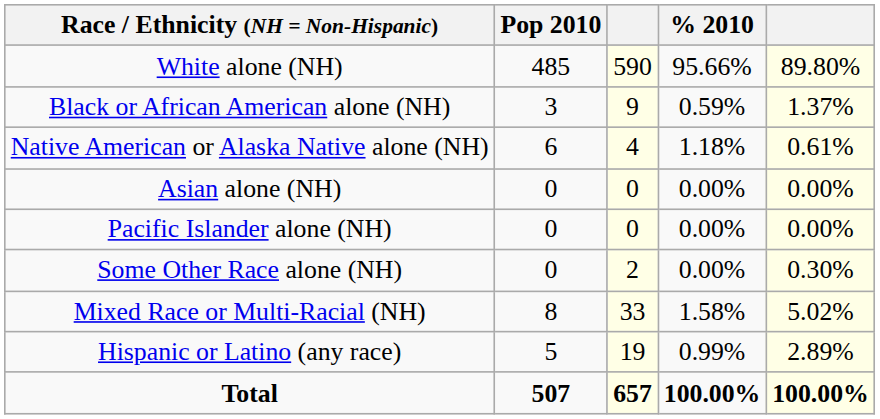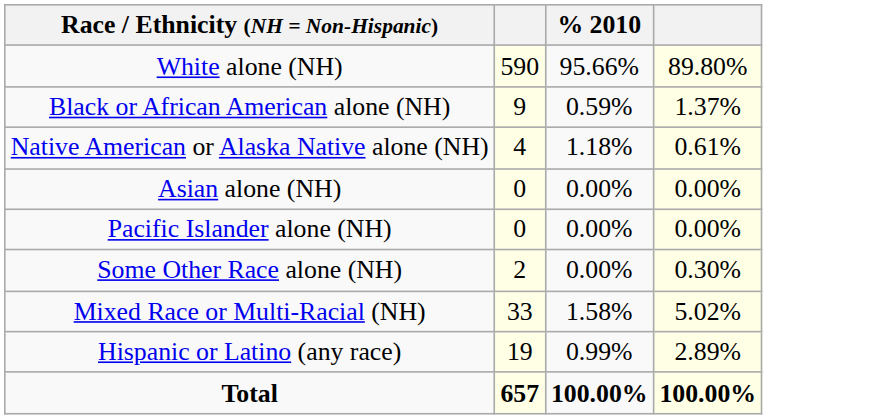 <table class="wikitable" style="text-align:center;">
 <tr>
 <th>Race / Ethnicity <small>(<em>NH = Non-Hispanic</em>)</small></th>
-<th>Pop 2010</th>
 <th></th>
 <th>% 2010</th>
 <th></th>
 </tr>
 <tr>
 <td><a href='#'>White</a> alone (NH)</td>
-<td>485</td>
 <td style='background: #ffffe6;'>590</td>
 <td>95.66%</td>
 <td style='background: #ffffe6;'>89.80%</td>
 </tr>
 <tr>
 <td><a href='#'>Black or African American</a> alone (NH)</td>
-<td>3</td>
 <td style='background: #ffffe6;'>9</td>
 <td>0.59%</td>
 <td style='background: #ffffe6;'>1.37%</td>
 </tr>
 <tr>
 <td><a href='#'>Native American</a> or <a href='#'>Alaska Native</a> alone (NH)</td>
-<td>6</td>
 <td style='background: #ffffe6;'>4</td>
 <td>1.18%</td>
 <td style='background: #ffffe6;'>0.61%</td>
 </tr>
 <tr>
 <td><a href='#'>Asian</a> alone (NH)</td>
-<td>0</td>
 <td style='background: #ffffe6;'>0</td>
 <td>0.00%</td>
 <td style='background: #ffffe6;'>0.00%</td>
 </tr>
 <tr>
 <td><a href='#'>Pacific Islander</a> alone (NH)</td>
-<td>0</td>
 <td style='background: #ffffe6;'>0</td>
 <td>0.00%</td>
 <td style='background: #ffffe6;'>0.00%</td>
 </tr>
 <tr>
 <td><a href='#'>Some Other Race</a> alone (NH)</td>
-<td>0</td>
 <td style='background: #ffffe6;'>2</td>
 <td>0.00%</td>
 <td style='background: #ffffe6;'>0.30%</td>
 </tr>
 <tr>
 <td><a href='#'>Mixed Race or Multi-Racial</a> (NH)</td>
-<td>8</td>
 <td style='background: #ffffe6;'>33</td>
 <td>1.58%</td>
 <td style='background: #ffffe6;'>5.02%</td>
 </tr>
 <tr>
 <td><a href='#'>Hispanic or Latino</a> (any race)</td>
-<td>5</td>
 <td style='background: #ffffe6;'>19</td>
 <td>0.99%</td>
 <td style='background: #ffffe6;'>2.89%</td>
 </tr>
 <tr>
 <td><strong>Total</strong></td>
-<td><strong>507</strong></td>
 <td style='background: #ffffe6;'><strong>657</strong></td>
 <td><strong>100.00%</strong></td>
 <td style='background: #ffffe6;'><strong>100.00%</strong></td>
 </tr>
 </table>
